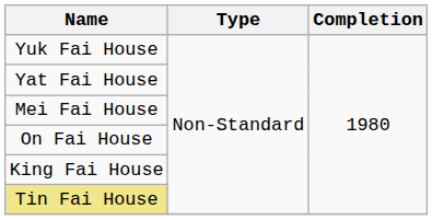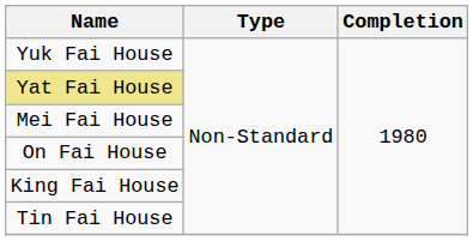 <table class="wikitable" style="text-align: center">
 <tr>
 <th>Name</th>
 <th>Type</th>
 <th>Completion</th>
 </tr>
 <tr>
 <td>Yuk Fai House</td>
 <td rowspan="6">Non-Standard</td>
 <td rowspan="6">1980</td>
 </tr>
 <tr>
-<td>Yat Fai House</td>
+<td style="background: khaki;">Yat Fai House</td>
 </tr>
 <tr>
 <td>Mei Fai House</td>
 </tr>
 <tr>
 <td>On Fai House</td>
 </tr>
 <tr>
 <td>King Fai House</td>
 </tr>
 <tr>
-<td style="background: khaki;">Tin Fai House</td>
+<td>Tin Fai House</td>
 </tr>
 <tr>
 </tr>
 </table>
